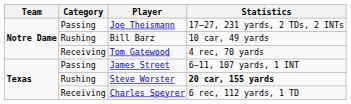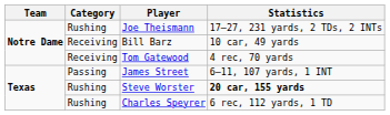 <table class="wikitable" style="float: right;">
 <tr>
 <th>Team</th>
 <th>Category</th>
 <th>Player</th>
 <th>Statistics</th>
 </tr>
 <tr>
 <td rowspan=3><strong>Notre Dame</strong></td>
-<td>Passing</td>
+<td>Rushing</td>
 <td><a href='#'>Joe Theismann</a></td>
 <td>17–27, 231 yards, 2 TDs, 2 INTs</td>
 </tr>
 <tr>
-<td>Rushing</td>
+<td>Receiving</td>
 <td>Bill Barz</td>
 <td>10 car, 49 yards</td>
 </tr>
 <tr>
 <td>Receiving</td>
 <td><a href='#'>Tom Gatewood</a></td>
 <td>4 rec, 70 yards</td>
 </tr>
 <tr>
 <td rowspan=3><strong>Texas</strong></td>
 <td>Passing</td>
 <td><a href='#'>James Street</a></td>
 <td>6–11, 107 yards, 1 INT</td>
 </tr>
 <tr>
 <td>Rushing</td>
 <td><a href='#'>Steve Worster</a></td>
 <td><strong>20 car, 155 yards</strong></td>
 </tr>
 <tr>
-<td>Receiving</td>
+<td>Rushing</td>
 <td><a href='#'>Charles Speyrer</a></td>
 <td>6 rec, 112 yards, 1 TD</td>
 </tr>
 </table>
